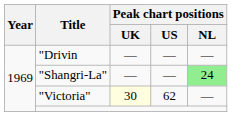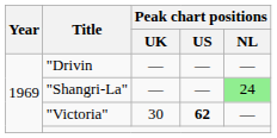 <table class="wikitable">
 <tr>
 <th rowspan=2>Year</th>
 <th rowspan=2>Title</th>
 <th colspan=3>Peak chart positions</th>
 </tr>
 <tr>
 <th>UK</th>
 <th>US</th>
 <th>NL</th>
 </tr>
 <tr>
 <td rowspan=4>1969</td>
 <td>"Drivin</td>
 <td style="text-align:center;">—</td>
 <td style="text-align:center;">—</td>
 <td style="text-align:center;">—</td>
 </tr>
 <tr>
 <td>"Shangri-La"</td>
 <td style="text-align:center;">—</td>
 <td style="text-align:center;">—</td>
 <td style="background: lightgreen; text-align:center;">24</td>
 </tr>
 <tr>
 <td>"Victoria"</td>
-<td style="background: lightyellow; text-align:center;">30</td>
-<td style="text-align:center;">62</td>
+<td style="text-align:center;">30</td>
+<td style="text-align:center;"><strong>62</strong></td>
 <td style="text-align:center;">—</td>
 </tr>
 <tr>
 <td style="text-align:center;" colspan="5"></td>
 </tr>
 </table>
